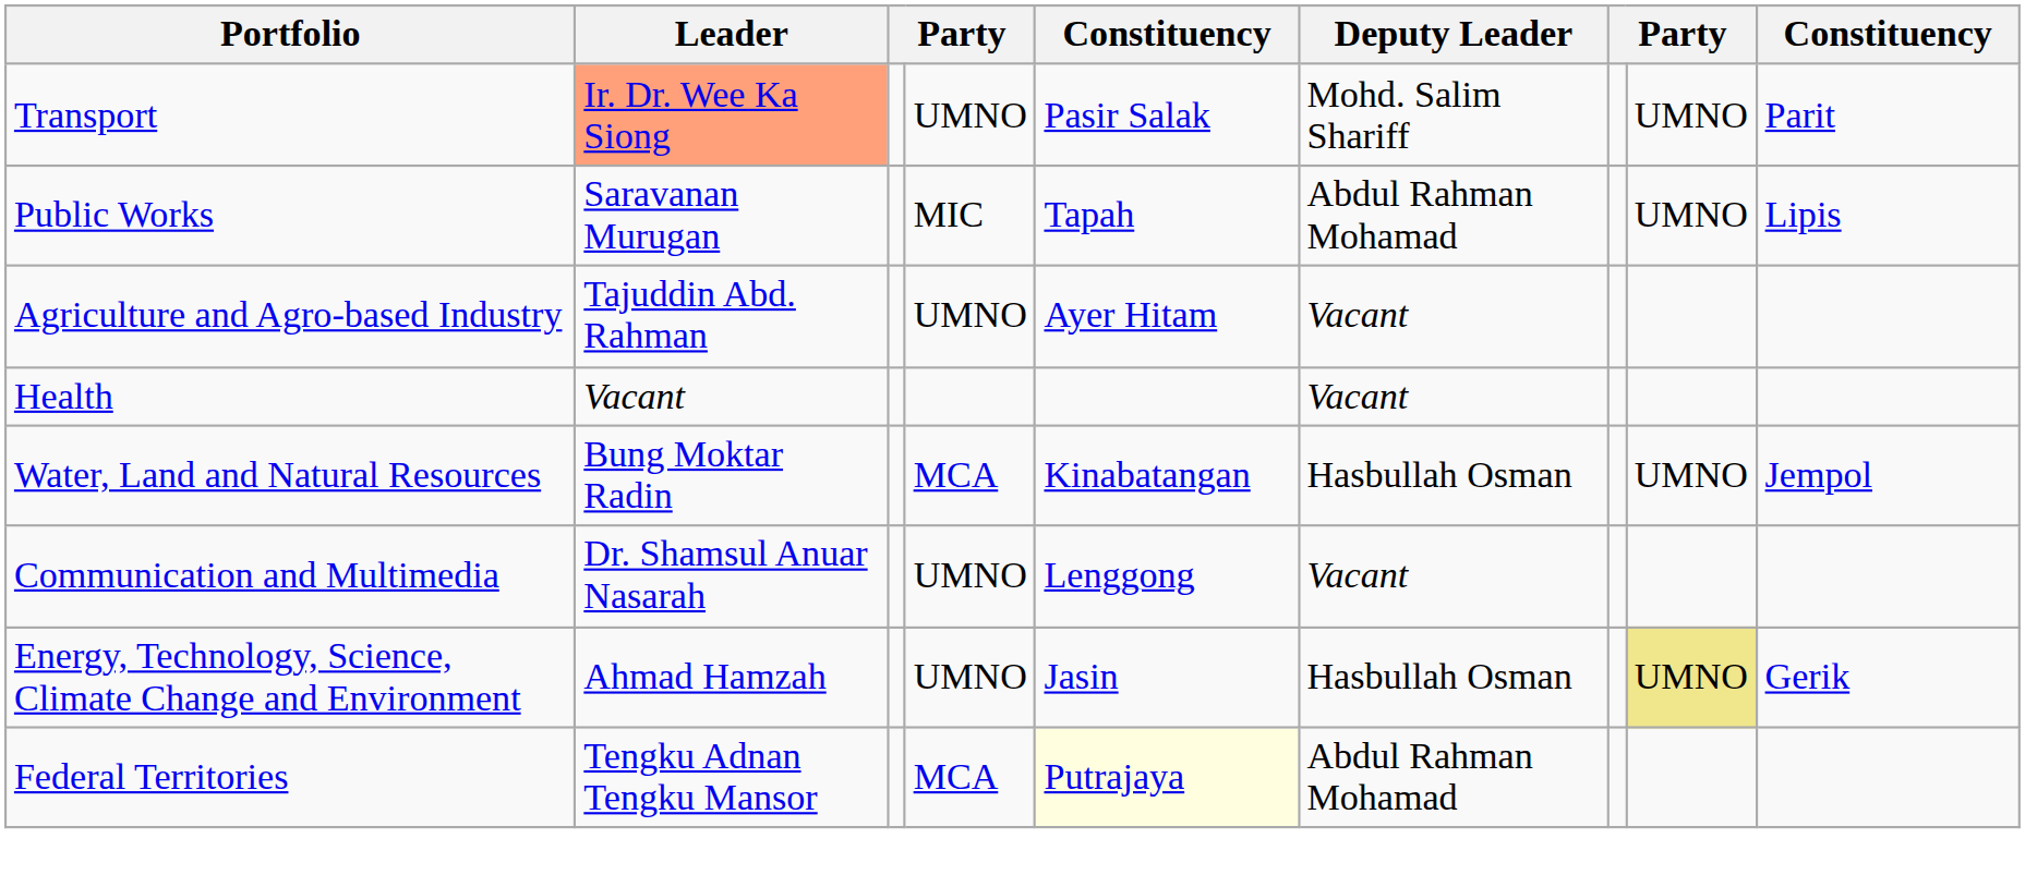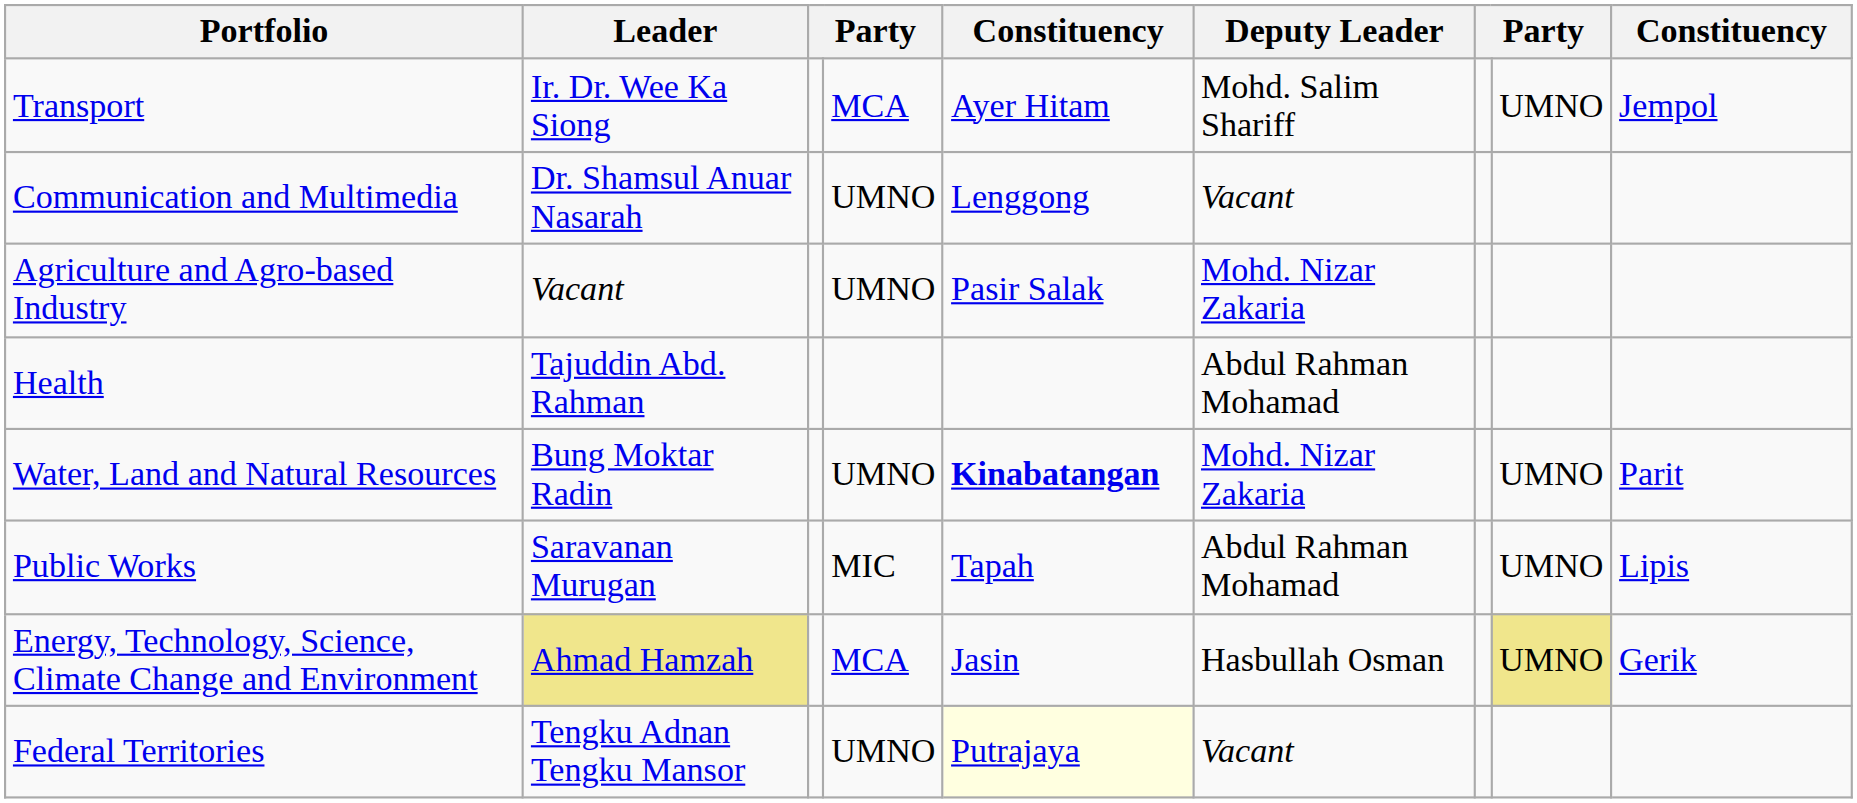 <table class="wikitable">
 <tr>
 <th width=400px>Portfolio</th>
 <th width=200px>Leader</th>
 <th colspan="2">Party</th>
 <th width=125px>Constituency</th>
 <th width=200px>Deputy Leader</th>
 <th colspan="2">Party</th>
 <th width=125px>Constituency</th>
 </tr>
 <tr>
 <td><a href='#'>Transport</a></td>
-<td style="background: lightsalmon;"><a href='#'>Ir. Dr. Wee Ka Siong</a></td>
+<td><a href='#'>Ir. Dr. Wee Ka Siong</a></td>
+<td></td>
+<td><a href='#'>MCA</a></td>
+<td><a href='#'>Ayer Hitam</a></td>
+<td>Mohd. Salim Shariff</td>
+<td></td>
+<td>UMNO</td>
+<td><a href='#'>Jempol</a></td>
+</tr>
+<tr>
+<td><a href='#'>Communication and Multimedia</a></td>
+<td><a href='#'>Dr. Shamsul Anuar Nasarah</a></td>
+<td></td>
+<td>UMNO</td>
+<td><a href='#'>Lenggong</a></td>
+<td><em>Vacant</em></td>
+<td></td>
+<td></td>
+<td></td>
+</tr>
+<tr>
+<td><a href='#'>Agriculture and Agro-based Industry</a></td>
+<td><em>Vacant</em></td>
 <td></td>
 <td>UMNO</td>
 <td><a href='#'>Pasir Salak</a></td>
-<td>Mohd. Salim Shariff</td>
+<td><a href='#'>Mohd. Nizar Zakaria</a></td>
+<td></td>
+<td></td>
+<td></td>
+</tr>
+<tr>
+<td><a href='#'>Health</a></td>
+<td><a href='#'>Tajuddin Abd. Rahman</a></td>
+<td></td>
+<td></td>
+<td></td>
+<td>Abdul Rahman Mohamad</td>
+<td></td>
+<td></td>
+<td></td>
+</tr>
+<tr>
+<td><a href='#'>Water, Land and Natural Resources</a></td>
+<td><a href='#'>Bung Moktar Radin</a></td>
+<td></td>
+<td>UMNO</td>
+<td><strong><a href='#'>Kinabatangan</a></strong></td>
+<td><a href='#'>Mohd. Nizar Zakaria</a></td>
 <td></td>
 <td>UMNO</td>
 <td><a href='#'>Parit</a></td>
 </tr>
 <tr>
 <td><a href='#'>Public Works</a></td>
 <td><a href='#'>Saravanan Murugan</a></td>
 <td></td>
 <td>MIC</td>
 <td><a href='#'>Tapah</a></td>
 <td>Abdul Rahman Mohamad</td>
 <td></td>
 <td>UMNO</td>
 <td><a href='#'>Lipis</a></td>
 </tr>
 <tr>
-<td><a href='#'>Agriculture and Agro-based Industry</a></td>
-<td><a href='#'>Tajuddin Abd. Rahman</a></td>
-<td></td>
-<td>UMNO</td>
-<td><a href='#'>Ayer Hitam</a></td>
-<td><em>Vacant</em></td>
-<td></td>
-<td></td>
-<td></td>
-</tr>
-<tr>
-<td><a href='#'>Health</a></td>
-<td><em>Vacant</em></td>
-<td></td>
-<td></td>
-<td></td>
-<td><em>Vacant</em></td>
-<td></td>
-<td></td>
-<td></td>
-</tr>
-<tr>
-<td><a href='#'>Water, Land and Natural Resources</a></td>
-<td><a href='#'>Bung Moktar Radin</a></td>
+<td><a href='#'>Energy, Technology, Science, Climate Change and Environment</a></td>
+<td style="background: khaki;"><a href='#'>Ahmad Hamzah</a></td>
 <td></td>
 <td><a href='#'>MCA</a></td>
-<td><a href='#'>Kinabatangan</a></td>
-<td>Hasbullah Osman</td>
-<td></td>
-<td>UMNO</td>
-<td><a href='#'>Jempol</a></td>
-</tr>
-<tr>
-<td><a href='#'>Communication and Multimedia</a></td>
-<td><a href='#'>Dr. Shamsul Anuar Nasarah</a></td>
-<td></td>
-<td>UMNO</td>
-<td><a href='#'>Lenggong</a></td>
-<td><em>Vacant</em></td>
-<td></td>
-<td></td>
-<td></td>
-</tr>
-<tr>
-<td><a href='#'>Energy, Technology, Science, Climate Change and Environment</a></td>
-<td><a href='#'>Ahmad Hamzah</a></td>
-<td></td>
-<td>UMNO</td>
 <td><a href='#'>Jasin</a></td>
 <td>Hasbullah Osman</td>
 <td></td>
 <td style="background: khaki;">UMNO</td>
 <td><a href='#'>Gerik</a></td>
 </tr>
 <tr>
 <td><a href='#'>Federal Territories</a></td>
 <td><a href='#'>Tengku Adnan Tengku Mansor</a></td>
 <td></td>
-<td><a href='#'>MCA</a></td>
+<td>UMNO</td>
 <td style="background: lightyellow;"><a href='#'>Putrajaya</a></td>
-<td>Abdul Rahman Mohamad</td>
+<td><em>Vacant</em></td>
 <td></td>
 <td></td>
 <td></td>
 </tr>
 </table>
